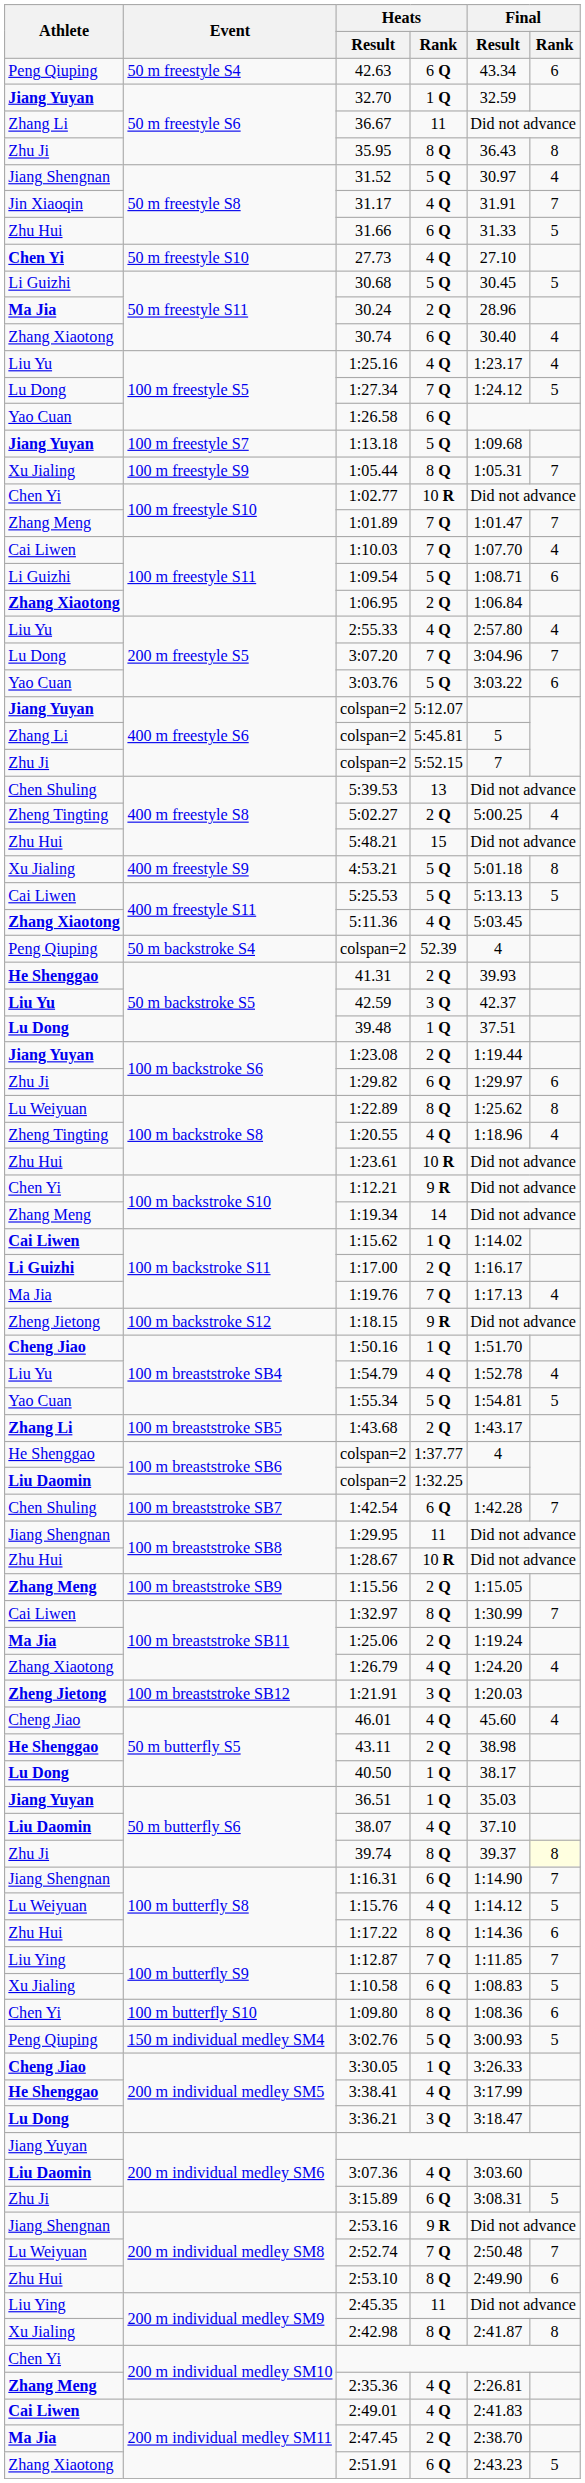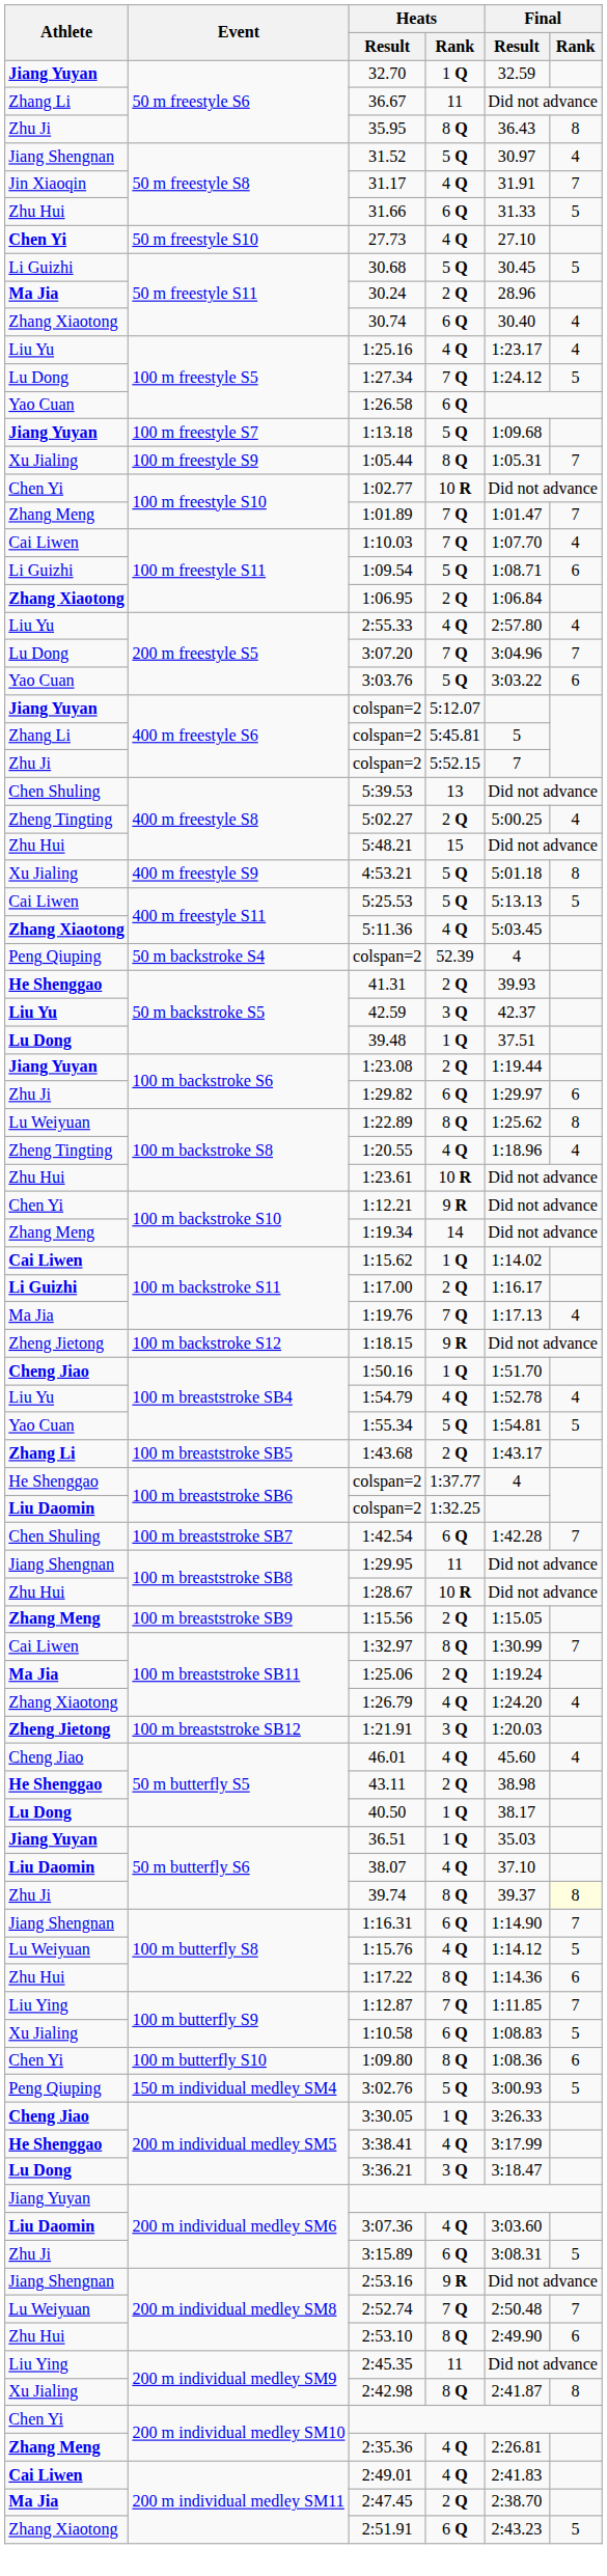 <table class=wikitable style="font-size:90%">
 <tr>
 <th rowspan="2">Athlete</th>
 <th rowspan="2">Event</th>
 <th colspan="2">Heats</th>
 <th colspan="2">Final</th>
 </tr>
 <tr>
 <th>Result</th>
 <th>Rank</th>
 <th>Result</th>
 <th>Rank</th>
-</tr>
-<tr align=center>
-<td align=left><a href='#'>Peng Qiuping</a></td>
-<td align=left><a href='#'>50 m freestyle S4</a></td>
-<td>42.63</td>
-<td>6 <strong>Q</strong></td>
-<td>43.34</td>
-<td>6</td>
 </tr>
 <tr align=center>
 <td align=left><strong><a href='#'>Jiang Yuyan</a></strong></td>
 <td align=left rowspan=3><a href='#'>50 m freestyle S6</a></td>
 <td>32.70</td>
 <td>1 <strong>Q</strong></td>
 <td>32.59 <strong></strong></td>
 <td></td>
 </tr>
 <tr align=center>
 <td align=left><a href='#'>Zhang Li</a></td>
 <td>36.67</td>
 <td>11</td>
 <td colspan=2>Did not advance</td>
 </tr>
 <tr align=center>
 <td align=left><a href='#'>Zhu Ji</a></td>
 <td>35.95</td>
 <td>8 <strong>Q</strong></td>
 <td>36.43</td>
 <td>8</td>
 </tr>
 <tr align=center>
 <td align=left><a href='#'>Jiang Shengnan</a></td>
 <td align=left rowspan=3><a href='#'>50 m freestyle S8</a></td>
 <td>31.52</td>
 <td>5 <strong>Q</strong></td>
 <td>30.97</td>
 <td>4</td>
 </tr>
 <tr align=center>
 <td align=left><a href='#'>Jin Xiaoqin</a></td>
 <td>31.17</td>
 <td>4 <strong>Q</strong></td>
 <td>31.91</td>
 <td>7</td>
 </tr>
 <tr align=center>
 <td align=left><a href='#'>Zhu Hui</a></td>
 <td>31.66</td>
 <td>6 <strong>Q</strong></td>
 <td>31.33</td>
 <td>5</td>
 </tr>
 <tr align=center>
 <td align=left><strong><a href='#'>Chen Yi</a></strong></td>
 <td align=left><a href='#'>50 m freestyle S10</a></td>
 <td>27.73</td>
 <td>4 <strong>Q</strong></td>
 <td>27.10 <strong></strong><br><strong></strong></td>
 <td></td>
 </tr>
 <tr align=center>
 <td align=left><a href='#'>Li Guizhi</a></td>
 <td align=left rowspan=3><a href='#'>50 m freestyle S11</a></td>
 <td>30.68</td>
 <td>5 <strong>Q</strong></td>
 <td>30.45</td>
 <td>5</td>
 </tr>
 <tr align=center>
 <td align=left><strong><a href='#'>Ma Jia</a></strong></td>
 <td>30.24</td>
 <td>2 <strong>Q</strong></td>
 <td>28.96 <strong></strong><br><strong></strong></td>
 <td></td>
 </tr>
 <tr align=center>
 <td align=left><a href='#'>Zhang Xiaotong</a></td>
 <td>30.74</td>
 <td>6 <strong>Q</strong></td>
 <td>30.40</td>
 <td>4</td>
 </tr>
 <tr align=center>
 <td align=left><a href='#'>Liu Yu</a></td>
 <td align=left rowspan=3><a href='#'>100 m freestyle S5</a></td>
 <td>1:25.16</td>
 <td>4 <strong>Q</strong></td>
 <td>1:23.17</td>
 <td>4</td>
 </tr>
 <tr align=center>
 <td align=left><a href='#'>Lu Dong</a></td>
 <td>1:27.34</td>
 <td>7 <strong>Q</strong></td>
 <td>1:24.12</td>
 <td>5</td>
 </tr>
 <tr align=center>
 <td align=left><a href='#'>Yao Cuan</a></td>
 <td>1:26.58</td>
 <td>6 <strong>Q</strong></td>
 <td colspan=2></td>
 </tr>
 <tr align=center>
 <td align=left><strong><a href='#'>Jiang Yuyan</a></strong></td>
 <td align=left><a href='#'>100 m freestyle S7</a></td>
 <td>1:13.18</td>
 <td>5 <strong>Q</strong></td>
 <td>1:09.68 <strong></strong><br><strong></strong></td>
 <td></td>
 </tr>
 <tr align=center>
 <td align=left><a href='#'>Xu Jialing</a></td>
 <td align=left><a href='#'>100 m freestyle S9</a></td>
 <td>1:05.44</td>
 <td>8 <strong>Q</strong></td>
 <td>1:05.31</td>
 <td>7</td>
 </tr>
 <tr align=center>
 <td align=left><a href='#'>Chen Yi</a></td>
 <td align=left rowspan=2><a href='#'>100 m freestyle S10</a></td>
 <td>1:02.77</td>
 <td>10 <strong>R</strong></td>
 <td colspan=2>Did not advance</td>
 </tr>
 <tr align=center>
 <td align=left><a href='#'>Zhang Meng</a></td>
 <td>1:01.89</td>
 <td>7 <strong>Q</strong></td>
 <td>1:01.47</td>
 <td>7</td>
 </tr>
 <tr align=center>
 <td align=left><a href='#'>Cai Liwen</a></td>
 <td align=left rowspan=3><a href='#'>100 m freestyle S11</a></td>
 <td>1:10.03</td>
 <td>7 <strong>Q</strong></td>
 <td>1:07.70</td>
 <td>4</td>
 </tr>
 <tr align=center>
 <td align=left><a href='#'>Li Guizhi</a></td>
 <td>1:09.54</td>
 <td>5 <strong>Q</strong></td>
 <td>1:08.71</td>
 <td>6</td>
 </tr>
 <tr align=center>
 <td align=left><strong><a href='#'>Zhang Xiaotong</a></strong></td>
 <td>1:06.95</td>
 <td>2 <strong>Q</strong></td>
 <td>1:06.84</td>
 <td></td>
 </tr>
 <tr align=center>
 <td align=left><a href='#'>Liu Yu</a></td>
 <td align=left rowspan=3><a href='#'>200 m freestyle S5</a></td>
 <td>2:55.33</td>
 <td>4 <strong>Q</strong></td>
 <td>2:57.80</td>
 <td>4</td>
 </tr>
 <tr align=center>
 <td align=left><a href='#'>Lu Dong</a></td>
 <td>3:07.20</td>
 <td>7 <strong>Q</strong></td>
 <td>3:04.96</td>
 <td>7</td>
 </tr>
 <tr align=center>
 <td align=left><a href='#'>Yao Cuan</a></td>
 <td>3:03.76</td>
 <td>5 <strong>Q</strong></td>
 <td>3:03.22</td>
 <td>6</td>
 </tr>
 <tr align=center>
 <td align=left><strong><a href='#'>Jiang Yuyan</a></strong></td>
 <td align=left rowspan=3><a href='#'>400 m freestyle S6</a></td>
 <td>colspan=2 </td>
 <td>5:12.07</td>
 <td></td>
 </tr>
 <tr align=center>
 <td align=left><a href='#'>Zhang Li</a></td>
 <td>colspan=2 </td>
 <td>5:45.81</td>
 <td>5</td>
 </tr>
 <tr align=center>
 <td align=left><a href='#'>Zhu Ji</a></td>
 <td>colspan=2 </td>
 <td>5:52.15</td>
 <td>7</td>
 </tr>
 <tr align=center>
 <td align=left><a href='#'>Chen Shuling</a></td>
 <td align=left rowspan=3><a href='#'>400 m freestyle S8</a></td>
 <td>5:39.53</td>
 <td>13</td>
 <td colspan=2>Did not advance</td>
 </tr>
 <tr align=center>
 <td align=left><a href='#'>Zheng Tingting</a></td>
 <td>5:02.27</td>
 <td>2 <strong>Q</strong></td>
 <td>5:00.25 <strong></strong></td>
 <td>4</td>
 </tr>
 <tr align=center>
 <td align=left><a href='#'>Zhu Hui</a></td>
 <td>5:48.21</td>
 <td>15</td>
 <td colspan=2>Did not advance</td>
 </tr>
 <tr align=center>
 <td align=left><a href='#'>Xu Jialing</a></td>
 <td align=left><a href='#'>400 m freestyle S9</a></td>
 <td>4:53.21</td>
 <td>5 <strong>Q</strong></td>
 <td>5:01.18</td>
 <td>8</td>
 </tr>
 <tr align=center>
 <td align=left><a href='#'>Cai Liwen</a></td>
 <td align=left rowspan=2><a href='#'>400 m freestyle S11</a></td>
 <td>5:25.53</td>
 <td>5 <strong>Q</strong></td>
 <td>5:13.13</td>
 <td>5</td>
 </tr>
 <tr align=center>
 <td align=left><strong><a href='#'>Zhang Xiaotong</a></strong></td>
 <td>5:11.36</td>
 <td>4 <strong>Q</strong></td>
 <td>5:03.45 <strong></strong></td>
 <td></td>
 </tr>
 <tr align=center>
 <td align=left><a href='#'>Peng Qiuping</a></td>
 <td align=left><a href='#'>50 m backstroke S4</a></td>
 <td>colspan=2 </td>
 <td>52.39</td>
 <td>4</td>
 </tr>
 <tr align=center>
 <td align=left><strong><a href='#'>He Shenggao</a></strong></td>
 <td align=left rowspan=3><a href='#'>50 m backstroke S5</a></td>
 <td>41.31</td>
 <td>2 <strong>Q</strong></td>
 <td>39.93</td>
 <td></td>
 </tr>
 <tr align=center>
 <td align=left><strong><a href='#'>Liu Yu</a></strong></td>
 <td>42.59</td>
 <td>3 <strong>Q</strong></td>
 <td>42.37</td>
 <td></td>
 </tr>
 <tr align=center>
 <td align=left><strong><a href='#'>Lu Dong</a></strong></td>
 <td>39.48</td>
 <td>1 <strong>Q</strong></td>
 <td>37.51</td>
 <td></td>
 </tr>
 <tr align=center>
 <td align=left><strong><a href='#'>Jiang Yuyan</a></strong></td>
 <td align=left rowspan=2><a href='#'>100 m backstroke S6</a></td>
 <td>1:23.08</td>
 <td>2 <strong>Q</strong></td>
 <td>1:19.44 <strong></strong><br><strong></strong></td>
 <td></td>
 </tr>
 <tr align=center>
 <td align=left><a href='#'>Zhu Ji</a></td>
 <td>1:29.82</td>
 <td>6 <strong>Q</strong></td>
 <td>1:29.97</td>
 <td>6</td>
 </tr>
 <tr align=center>
 <td align=left><a href='#'>Lu Weiyuan</a></td>
 <td align=left rowspan=3><a href='#'>100 m backstroke S8</a></td>
 <td>1:22.89</td>
 <td>8 <strong>Q</strong></td>
 <td>1:25.62</td>
 <td>8</td>
 </tr>
 <tr align=center>
 <td align=left><a href='#'>Zheng Tingting</a></td>
 <td>1:20.55</td>
 <td>4 <strong>Q</strong></td>
 <td>1:18.96 <strong></strong></td>
 <td>4</td>
 </tr>
 <tr align=center>
 <td align=left><a href='#'>Zhu Hui</a></td>
 <td>1:23.61</td>
 <td>10 <strong>R</strong></td>
 <td colspan=2>Did not advance</td>
 </tr>
 <tr align=center>
 <td align=left><a href='#'>Chen Yi</a></td>
 <td align=left rowspan=2><a href='#'>100 m backstroke S10</a></td>
 <td>1:12.21</td>
 <td>9 <strong>R</strong></td>
 <td colspan=2>Did not advance</td>
 </tr>
 <tr align=center>
 <td align=left><a href='#'>Zhang Meng</a></td>
 <td>1:19.34</td>
 <td>14</td>
 <td colspan=2>Did not advance</td>
 </tr>
 <tr align=center>
 <td align=left><strong><a href='#'>Cai Liwen</a></strong></td>
 <td align=left rowspan=3><a href='#'>100 m backstroke S11</a></td>
 <td>1:15.62</td>
 <td>1 <strong>Q</strong></td>
 <td>1:14.02</td>
 <td></td>
 </tr>
 <tr align=center>
 <td align=left><strong><a href='#'>Li Guizhi</a></strong></td>
 <td>1:17.00</td>
 <td>2 <strong>Q</strong></td>
 <td>1:16.17</td>
 <td></td>
 </tr>
 <tr align=center>
 <td align=left><a href='#'>Ma Jia</a></td>
 <td>1:19.76</td>
 <td>7 <strong>Q</strong></td>
 <td>1:17.13</td>
 <td>4</td>
 </tr>
 <tr align=center>
 <td align=left><a href='#'>Zheng Jietong</a></td>
 <td align=left><a href='#'>100 m backstroke S12</a></td>
 <td>1:18.15</td>
 <td>9 <strong>R</strong></td>
 <td colspan=2>Did not advance</td>
 </tr>
 <tr align=center>
 <td align=left><strong><a href='#'>Cheng Jiao</a></strong></td>
 <td align=left rowspan=3><a href='#'>100 m breaststroke SB4</a></td>
 <td>1:50.16</td>
 <td>1 <strong>Q</strong></td>
 <td>1:51.70</td>
 <td></td>
 </tr>
 <tr align=center>
 <td align=left><a href='#'>Liu Yu</a></td>
 <td>1:54.79</td>
 <td>4 <strong>Q</strong></td>
 <td>1:52.78</td>
 <td>4</td>
 </tr>
 <tr align=center>
 <td align=left><a href='#'>Yao Cuan</a></td>
 <td>1:55.34</td>
 <td>5 <strong>Q</strong></td>
 <td>1:54.81</td>
 <td>5</td>
 </tr>
 <tr align=center>
 <td align=left><strong><a href='#'>Zhang Li</a></strong></td>
 <td align=left><a href='#'>100 m breaststroke SB5</a></td>
 <td>1:43.68</td>
 <td>2 <strong>Q</strong></td>
 <td>1:43.17 <strong></strong></td>
 <td></td>
 </tr>
 <tr align=center>
 <td align=left><a href='#'>He Shenggao</a></td>
 <td align=left rowspan=2><a href='#'>100 m breaststroke SB6</a></td>
 <td>colspan=2 </td>
 <td>1:37.77</td>
 <td>4</td>
 </tr>
 <tr align=center>
 <td align=left><strong><a href='#'>Liu Daomin</a></strong></td>
 <td>colspan=2 </td>
 <td>1:32.25</td>
 <td></td>
 </tr>
 <tr align=center>
 <td align=left><a href='#'>Chen Shuling</a></td>
 <td align=left><a href='#'>100 m breaststroke SB7</a></td>
 <td>1:42.54</td>
 <td>6 <strong>Q</strong></td>
 <td>1:42.28</td>
 <td>7</td>
 </tr>
 <tr align=center>
 <td align=left><a href='#'>Jiang Shengnan</a></td>
 <td align=left rowspan=2><a href='#'>100 m breaststroke SB8</a></td>
 <td>1:29.95</td>
 <td>11</td>
 <td colspan=2>Did not advance</td>
 </tr>
 <tr align=center>
 <td align=left><a href='#'>Zhu Hui</a></td>
 <td>1:28.67</td>
 <td>10 <strong>R</strong></td>
 <td colspan=2>Did not advance</td>
 </tr>
 <tr align=center>
 <td align=left><strong><a href='#'>Zhang Meng</a></strong></td>
 <td align=left><a href='#'>100 m breaststroke SB9</a></td>
 <td>1:15.56</td>
 <td>2 <strong>Q</strong></td>
 <td>1:15.05 <strong></strong></td>
 <td></td>
 </tr>
 <tr align=center>
 <td align=left><a href='#'>Cai Liwen</a></td>
 <td align=left rowspan=3><a href='#'>100 m breaststroke SB11</a></td>
 <td>1:32.97</td>
 <td>8 <strong>Q</strong></td>
 <td>1:30.99</td>
 <td>7</td>
 </tr>
 <tr align=center>
 <td align=left><strong><a href='#'>Ma Jia</a></strong></td>
 <td>1:25.06</td>
 <td>2 <strong>Q</strong></td>
 <td>1:19.24 <strong></strong></td>
 <td></td>
 </tr>
 <tr align=center>
 <td align=left><a href='#'>Zhang Xiaotong</a></td>
 <td>1:26.79</td>
 <td>4 <strong>Q</strong></td>
 <td>1:24.20</td>
 <td>4</td>
 </tr>
 <tr align=center>
 <td align=left><strong><a href='#'>Zheng Jietong</a></strong></td>
 <td align=left><a href='#'>100 m breaststroke SB12</a></td>
 <td>1:21.91</td>
 <td>3 <strong>Q</strong></td>
 <td>1:20.03 <strong></strong></td>
 <td></td>
 </tr>
 <tr align=center>
 <td align=left><a href='#'>Cheng Jiao</a></td>
 <td align=left rowspan=3><a href='#'>50 m butterfly S5</a></td>
 <td>46.01</td>
 <td>4 <strong>Q</strong></td>
 <td>45.60</td>
 <td>4</td>
 </tr>
 <tr align=center>
 <td align=left><strong><a href='#'>He Shenggao</a></strong></td>
 <td>43.11</td>
 <td>2 <strong>Q</strong></td>
 <td>38.98</td>
 <td></td>
 </tr>
 <tr align=center>
 <td align=left><strong><a href='#'>Lu Dong</a></strong></td>
 <td>40.50</td>
 <td>1 <strong>Q</strong></td>
 <td>38.17 <strong></strong><br><strong></strong></td>
 <td></td>
 </tr>
 <tr align=center>
 <td align=left><strong><a href='#'>Jiang Yuyan</a></strong></td>
 <td align=left rowspan=3><a href='#'>50 m butterfly S6</a></td>
 <td>36.51</td>
 <td>1 <strong>Q</strong></td>
 <td>35.03</td>
 <td></td>
 </tr>
 <tr align=center>
 <td align=left><strong><a href='#'>Liu Daomin</a></strong></td>
 <td>38.07</td>
 <td>4 <strong>Q</strong></td>
 <td>37.10</td>
 <td></td>
 </tr>
 <tr align=center>
 <td align=left><a href='#'>Zhu Ji</a></td>
 <td>39.74</td>
 <td>8 <strong>Q</strong></td>
 <td>39.37</td>
 <td style="background: lightyellow;">8</td>
 </tr>
 <tr align=center>
 <td align=left><a href='#'>Jiang Shengnan</a></td>
 <td align=left rowspan=3><a href='#'>100 m butterfly S8</a></td>
 <td>1:16.31</td>
 <td>6 <strong>Q</strong></td>
 <td>1:14.90</td>
 <td>7</td>
 </tr>
 <tr align=center>
 <td align=left><a href='#'>Lu Weiyuan</a></td>
 <td>1:15.76</td>
 <td>4 <strong>Q</strong></td>
 <td>1:14.12</td>
 <td>5</td>
 </tr>
 <tr align=center>
 <td align=left><a href='#'>Zhu Hui</a></td>
 <td>1:17.22</td>
 <td>8 <strong>Q</strong></td>
 <td>1:14.36</td>
 <td>6</td>
 </tr>
 <tr align=center>
 <td align=left><a href='#'>Liu Ying</a></td>
 <td align=left rowspan=2><a href='#'>100 m butterfly S9</a></td>
 <td>1:12.87</td>
 <td>7 <strong>Q</strong></td>
 <td>1:11.85</td>
 <td>7</td>
 </tr>
 <tr align=center>
 <td align=left><a href='#'>Xu Jialing</a></td>
 <td>1:10.58</td>
 <td>6 <strong>Q</strong></td>
 <td>1:08.83</td>
 <td>5</td>
 </tr>
 <tr align=center>
 <td align=left><a href='#'>Chen Yi</a></td>
 <td align=left><a href='#'>100 m butterfly S10</a></td>
 <td>1:09.80</td>
 <td>8 <strong>Q</strong></td>
 <td>1:08.36</td>
 <td>6</td>
 </tr>
 <tr align=center>
 <td align=left><a href='#'>Peng Qiuping</a></td>
 <td align=left><a href='#'>150 m individual medley SM4</a></td>
 <td>3:02.76</td>
 <td>5 <strong>Q</strong></td>
 <td>3:00.93</td>
 <td>5</td>
 </tr>
 <tr align=center>
 <td align=left><strong><a href='#'>Cheng Jiao</a></strong></td>
 <td align=left rowspan=3><a href='#'>200 m individual medley SM5</a></td>
 <td>3:30.05</td>
 <td>1 <strong>Q</strong></td>
 <td>3:26.33</td>
 <td></td>
 </tr>
 <tr align=center>
 <td align=left><strong><a href='#'>He Shenggao</a></strong></td>
 <td>3:38.41</td>
 <td>4 <strong>Q</strong></td>
 <td>3:17.99</td>
 <td></td>
 </tr>
 <tr align=center>
 <td align=left><strong><a href='#'>Lu Dong</a></strong></td>
 <td>3:36.21</td>
 <td>3 <strong>Q</strong></td>
 <td>3:18.47</td>
 <td></td>
 </tr>
 <tr align=center>
 <td align=left><a href='#'>Jiang Yuyan</a></td>
 <td align=left rowspan=3><a href='#'>200 m individual medley SM6</a></td>
 <td colspan=4></td>
 </tr>
 <tr align=center>
 <td align=left><strong><a href='#'>Liu Daomin</a></strong></td>
 <td>3:07.36</td>
 <td>4 <strong>Q</strong></td>
 <td>3:03.60</td>
 <td></td>
 </tr>
 <tr align=center>
 <td align=left><a href='#'>Zhu Ji</a></td>
 <td>3:15.89</td>
 <td>6 <strong>Q</strong></td>
 <td>3:08.31</td>
 <td>5</td>
 </tr>
 <tr align=center>
 <td align=left><a href='#'>Jiang Shengnan</a></td>
 <td align=left rowspan=3><a href='#'>200 m individual medley SM8</a></td>
 <td>2:53.16</td>
 <td>9 <strong>R</strong></td>
 <td colspan=2>Did not advance</td>
 </tr>
 <tr align=center>
 <td align=left><a href='#'>Lu Weiyuan</a></td>
 <td>2:52.74</td>
 <td>7 <strong>Q</strong></td>
 <td>2:50.48</td>
 <td>7</td>
 </tr>
 <tr align=center>
 <td align=left><a href='#'>Zhu Hui</a></td>
 <td>2:53.10</td>
 <td>8 <strong>Q</strong></td>
 <td>2:49.90</td>
 <td>6</td>
 </tr>
 <tr align=center>
 <td align=left><a href='#'>Liu Ying</a></td>
 <td align=left rowspan=2><a href='#'>200 m individual medley SM9</a></td>
 <td>2:45.35</td>
 <td>11</td>
 <td colspan=2>Did not advance</td>
 </tr>
 <tr align=center>
 <td align=left><a href='#'>Xu Jialing</a></td>
 <td>2:42.98</td>
 <td>8 <strong>Q</strong></td>
 <td>2:41.87</td>
 <td>8</td>
 </tr>
 <tr align=center>
 <td align=left><a href='#'>Chen Yi</a></td>
 <td align=left rowspan=2><a href='#'>200 m individual medley SM10</a></td>
 <td colspan=4></td>
 </tr>
 <tr align=center>
 <td align=left><strong><a href='#'>Zhang Meng</a></strong></td>
 <td>2:35.36</td>
 <td>4 <strong>Q</strong></td>
 <td>2:26.81 <strong></strong></td>
 <td></td>
 </tr>
 <tr align=center>
 <td align=left><strong><a href='#'>Cai Liwen</a></strong></td>
 <td align=left rowspan=3><a href='#'>200 m individual medley SM11</a></td>
 <td>2:49.01</td>
 <td>4 <strong>Q</strong></td>
 <td>2:41.83</td>
 <td></td>
 </tr>
 <tr align=center>
 <td align=left><strong><a href='#'>Ma Jia</a></strong></td>
 <td>2:47.45</td>
 <td>2 <strong>Q</strong></td>
 <td>2:38.70 <strong></strong></td>
 <td></td>
 </tr>
 <tr align=center>
 <td align=left><a href='#'>Zhang Xiaotong</a></td>
 <td>2:51.91</td>
 <td>6 <strong>Q</strong></td>
 <td>2:43.23</td>
 <td>5</td>
 </tr>
 </table>
